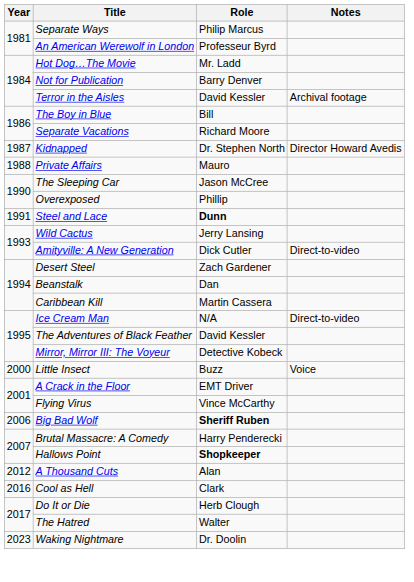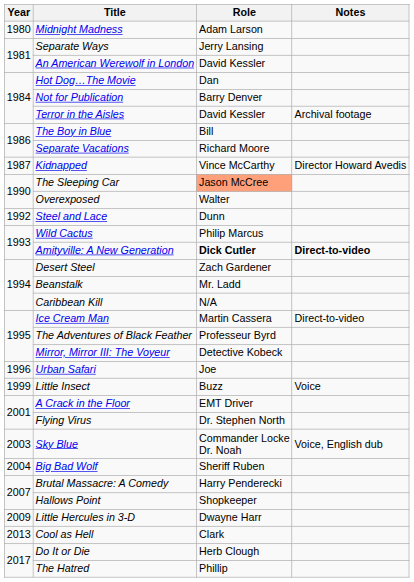 <table class="wikitable">
 <tr>
 <th>Year</th>
 <th>Title</th>
 <th>Role</th>
 <th>Notes</th>
 </tr>
 <tr>
+<td>1980</td>
+<td><em><a href='#'>Midnight Madness</a></em></td>
+<td>Adam Larson</td>
+<td></td>
+</tr>
+<tr>
 <td rowspan="2">1981</td>
 <td><em>Separate Ways</em></td>
-<td>Philip Marcus</td>
+<td>Jerry Lansing</td>
 <td></td>
 </tr>
 <tr>
 <td><em><a href='#'>An American Werewolf in London</a></em></td>
-<td>Professeur Byrd</td>
+<td>David Kessler</td>
 <td></td>
 </tr>
 <tr>
 <td rowspan="3">1984</td>
 <td><em><a href='#'>Hot Dog…The Movie</a></em></td>
-<td>Mr. Ladd</td>
+<td>Dan</td>
 <td></td>
 </tr>
 <tr>
 <td><em><a href='#'>Not for Publication</a></em></td>
 <td>Barry Denver</td>
 <td></td>
 </tr>
 <tr>
 <td><em><a href='#'>Terror in the Aisles</a></em></td>
 <td>David Kessler</td>
 <td>Archival footage</td>
 </tr>
 <tr>
 <td rowspan="2">1986</td>
 <td><em><a href='#'>The Boy in Blue</a></em></td>
 <td>Bill</td>
 <td></td>
 </tr>
 <tr>
 <td><em><a href='#'>Separate Vacations</a></em></td>
 <td>Richard Moore</td>
 <td></td>
 </tr>
 <tr>
 <td>1987</td>
 <td><em><a href='#'>Kidnapped</a></em></td>
-<td>Dr. Stephen North</td>
+<td>Vince McCarthy</td>
 <td>Director Howard Avedis</td>
-</tr>
-<tr>
-<td>1988</td>
-<td><em><a href='#'>Private Affairs</a></em></td>
-<td>Mauro</td>
-<td></td>
 </tr>
 <tr>
 <td rowspan="2">1990</td>
 <td><em>The Sleeping Car</em></td>
-<td>Jason McCree</td>
+<td style="background: lightsalmon;">Jason McCree</td>
 <td></td>
 </tr>
 <tr>
 <td><em>Overexposed</em></td>
-<td>Phillip</td>
+<td>Walter</td>
 <td></td>
 </tr>
 <tr>
-<td>1991</td>
+<td>1992</td>
 <td><em><a href='#'>Steel and Lace</a></em></td>
-<td><strong>Dunn</strong></td>
+<td>Dunn</td>
 <td></td>
 </tr>
 <tr Body Bags 1993 Pete>
 <td rowspan="2">1993</td>
 <td><em><a href='#'>Wild Cactus</a></em></td>
-<td>Jerry Lansing</td>
+<td>Philip Marcus</td>
 <td></td>
 </tr>
 <tr>
 <td><em><a href='#'>Amityville: A New Generation</a></em></td>
-<td>Dick Cutler</td>
-<td>Direct-to-video</td>
+<td><strong>Dick Cutler</strong></td>
+<td><strong>Direct-to-video</strong></td>
 </tr>
 <tr>
 <td rowspan="3">1994</td>
 <td><em>Desert Steel</em></td>
 <td>Zach Gardener</td>
 <td></td>
 </tr>
 <tr>
 <td><em>Beanstalk</em></td>
-<td>Dan</td>
+<td>Mr. Ladd</td>
 <td></td>
 </tr>
 <tr>
 <td><em>Caribbean Kill</em></td>
-<td>Martin Cassera</td>
+<td>N/A</td>
 <td></td>
 </tr>
 <tr>
 <td rowspan="3">1995</td>
 <td><em><a href='#'>Ice Cream Man</a></em></td>
-<td>N/A</td>
+<td>Martin Cassera</td>
 <td>Direct-to-video</td>
 </tr>
 <tr>
 <td><em>The Adventures of Black Feather</em></td>
-<td>David Kessler</td>
+<td>Professeur Byrd</td>
 <td></td>
 </tr>
 <tr>
 <td><em><a href='#'>Mirror, Mirror III: The Voyeur</a></em></td>
 <td>Detective Kobeck</td>
 <td></td>
 </tr>
 <tr>
-<td>2000</td>
+<td>1996</td>
+<td><em><a href='#'>Urban Safari</a></em></td>
+<td>Joe</td>
+<td></td>
+</tr>
+<tr>
+<td>1999</td>
 <td><em>Little Insect</em></td>
 <td>Buzz</td>
 <td>Voice</td>
 </tr>
 <tr>
 <td rowspan="2">2001</td>
 <td><em><a href='#'>A Crack in the Floor</a></em></td>
 <td>EMT Driver</td>
 <td></td>
 </tr>
 <tr>
 <td><em>Flying Virus</em></td>
-<td>Vince McCarthy</td>
+<td>Dr. Stephen North</td>
 <td></td>
 </tr>
 <tr>
-<td>2006</td>
+<td>2003</td>
+<td><em><a href='#'>Sky Blue</a></em></td>
+<td>Commander Locke<br>Dr. Noah</td>
+<td>Voice, English dub</td>
+</tr>
+<tr>
+<td>2004</td>
 <td><em><a href='#'>Big Bad Wolf</a></em></td>
-<td><strong>Sheriff Ruben</strong></td>
+<td>Sheriff Ruben</td>
 <td></td>
 </tr>
 <tr>
 <td rowspan="2">2007</td>
 <td><em>Brutal Massacre: A Comedy</em></td>
 <td>Harry Penderecki</td>
 <td></td>
 </tr>
 <tr>
 <td><em>Hallows Point</em></td>
-<td><strong>Shopkeeper</strong></td>
+<td>Shopkeeper</td>
 <td></td>
 </tr>
 <tr>
-<td>2012</td>
-<td><em><a href='#'>A Thousand Cuts</a></em></td>
-<td>Alan</td>
+<td>2009</td>
+<td><em>Little Hercules in 3-D</em></td>
+<td>Dwayne Harr</td>
 <td></td>
 </tr>
 <tr>
-<td>2016</td>
+<td>2013</td>
 <td><em>Cool as Hell</em></td>
 <td>Clark</td>
 <td></td>
 </tr>
 <tr>
 <td rowspan="2">2017</td>
 <td><em>Do It or Die</em></td>
 <td>Herb Clough</td>
 <td></td>
 </tr>
 <tr>
 <td><em>The Hatred</em></td>
-<td>Walter</td>
-<td></td>
-</tr>
-<tr>
-<td>2023</td>
-<td><em>Waking Nightmare</em></td>
-<td>Dr. Doolin</td>
+<td>Phillip</td>
 <td></td>
 </tr>
 </table>
